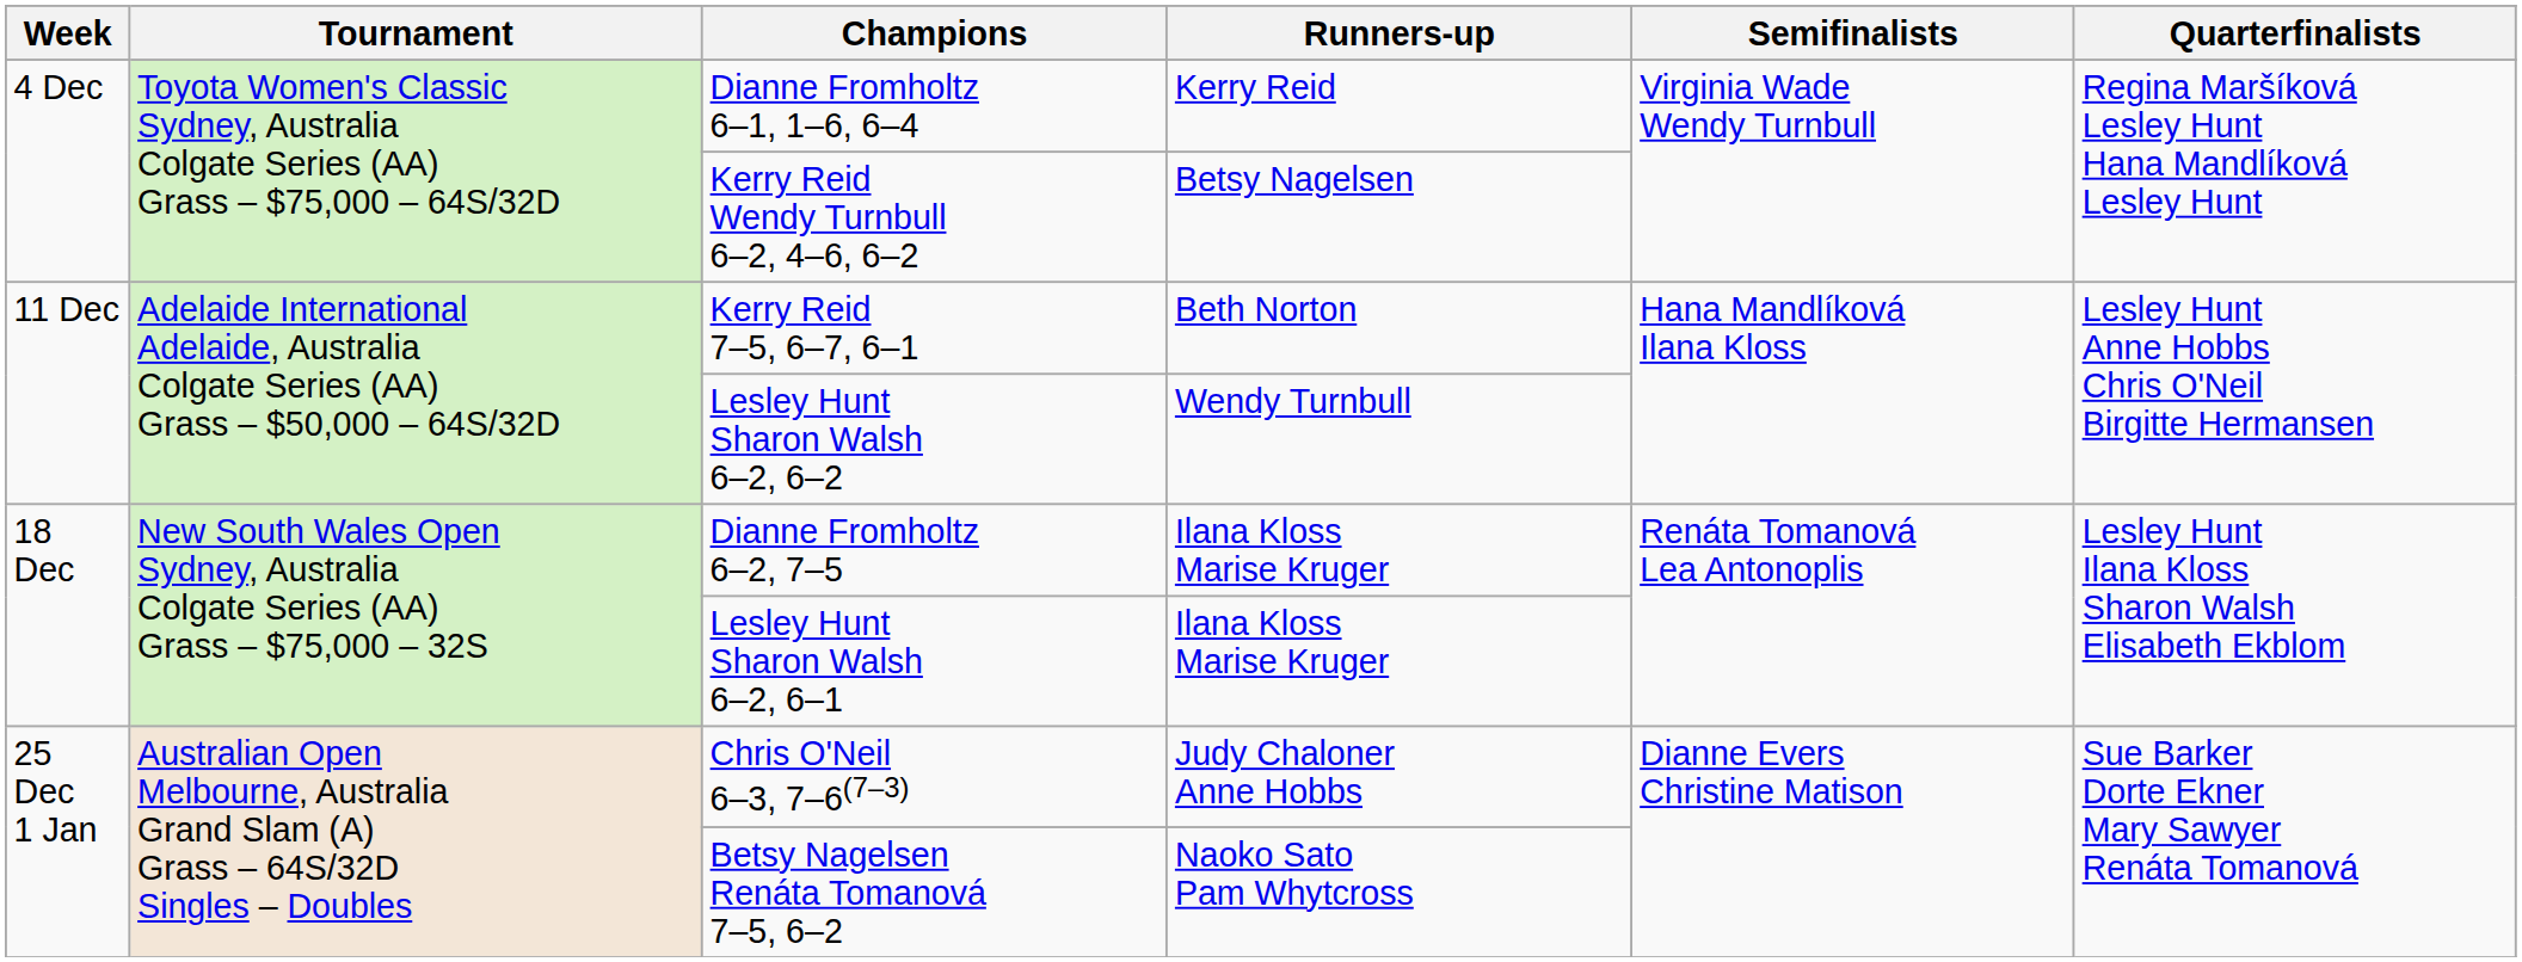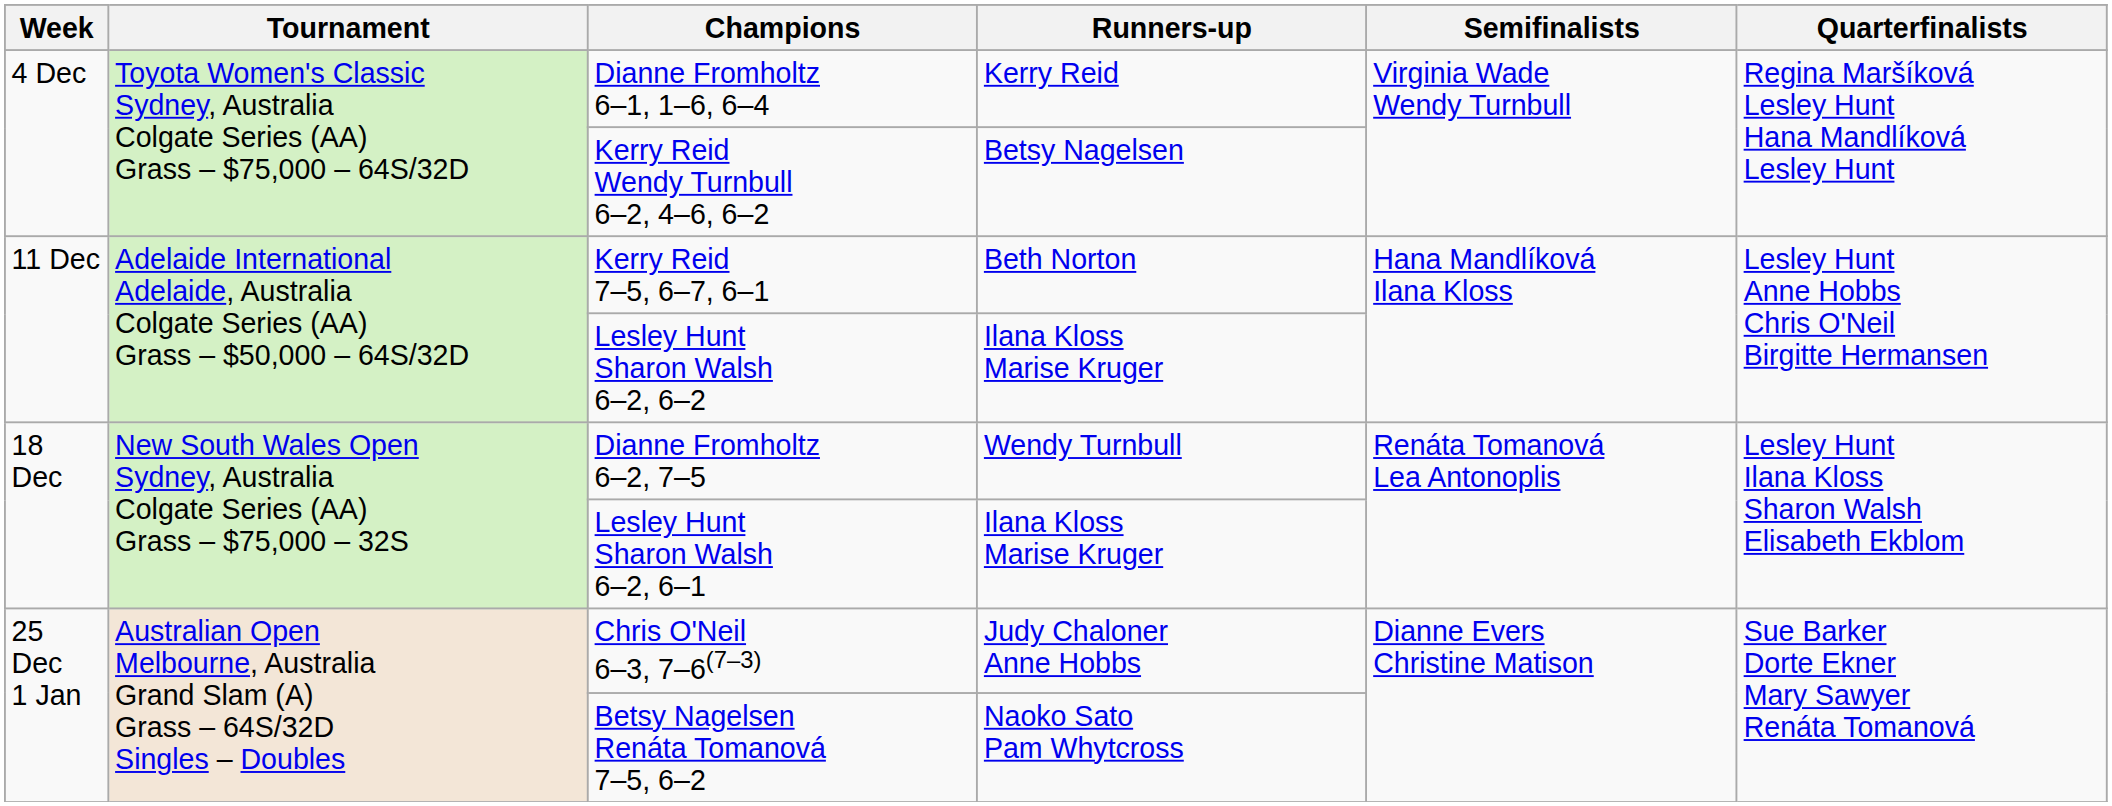 <table class=wikitable style=font-size:95%>
 <tr>
 <th style="width:48px;">Week</th>
 <th style="width:248px;">Tournament</th>
 <th style="width:200px;">Champions</th>
 <th style="width:200px;">Runners-up</th>
 <th style="width:190px;">Semifinalists</th>
 <th style="width:190px;">Quarterfinalists</th>
 </tr>
 <tr valign=top>
 <td rowspan=2>4 Dec</td>
 <td style="background:#D4F1C5;" rowspan="2"><a href='#'>Toyota Women's Classic</a><br><a href='#'>Sydney</a>, Australia <br>Colgate Series (AA)<br>Grass – $75,000 – 64S/32D</td>
 <td> <a href='#'>Dianne Fromholtz</a><br> 6–1, 1–6, 6–4</td>
 <td> <a href='#'>Kerry Reid</a></td>
 <td rowspan=2> <a href='#'>Virginia Wade</a><br> <a href='#'>Wendy Turnbull</a></td>
 <td rowspan=2> <a href='#'>Regina Maršíková</a> <br>  <a href='#'>Lesley Hunt</a><br>  <a href='#'>Hana Mandlíková</a><br> <a href='#'>Lesley Hunt</a></td>
 </tr>
 <tr valign=top>
 <td> <a href='#'>Kerry Reid</a> <br>  <a href='#'>Wendy Turnbull</a><br>6–2, 4–6, 6–2</td>
 <td> <a href='#'>Betsy Nagelsen</a></td>
 </tr>
 <tr valign=top>
 <td rowspan=2>11 Dec</td>
 <td style="background:#D4F1C5;" rowspan="2"><a href='#'>Adelaide International</a><br><a href='#'>Adelaide</a>, Australia<br>Colgate Series (AA)<br>Grass – $50,000 – 64S/32D</td>
 <td> <a href='#'>Kerry Reid</a><br> 7–5, 6–7, 6–1</td>
 <td> <a href='#'>Beth Norton</a></td>
 <td rowspan=2> <a href='#'>Hana Mandlíková</a><br> <a href='#'>Ilana Kloss</a></td>
 <td rowspan=2> <a href='#'>Lesley Hunt</a><br> <a href='#'>Anne Hobbs</a><br> <a href='#'>Chris O'Neil</a> <br> <a href='#'>Birgitte Hermansen</a></td>
 </tr>
 <tr valign=top>
 <td> <a href='#'>Lesley Hunt</a> <br>  <a href='#'>Sharon Walsh</a><br> 6–2, 6–2</td>
-<td> <a href='#'>Wendy Turnbull</a></td>
+<td> <a href='#'>Ilana Kloss</a><br>  <a href='#'>Marise Kruger</a></td>
 </tr>
 <tr valign=top>
 <td rowspan=2>18 Dec</td>
 <td style="background:#D4F1C5;" rowspan="2"><a href='#'>New South Wales Open</a><br><a href='#'>Sydney</a>, Australia <br>Colgate Series (AA)<br>Grass – $75,000 – 32S</td>
 <td> <a href='#'>Dianne Fromholtz</a><br> 6–2, 7–5</td>
-<td> <a href='#'>Ilana Kloss</a><br>  <a href='#'>Marise Kruger</a></td>
+<td> <a href='#'>Wendy Turnbull</a></td>
 <td rowspan=2> <a href='#'>Renáta Tomanová</a><br> <a href='#'>Lea Antonoplis</a></td>
 <td rowspan=2> <a href='#'>Lesley Hunt</a><br> <a href='#'>Ilana Kloss</a><br> <a href='#'>Sharon Walsh</a> <br> <a href='#'>Elisabeth Ekblom</a></td>
 </tr>
 <tr valign=top>
 <td> <a href='#'>Lesley Hunt</a> <br>  <a href='#'>Sharon Walsh</a><br> 6–2, 6–1</td>
 <td> <a href='#'>Ilana Kloss</a><br>  <a href='#'>Marise Kruger</a></td>
 </tr>
 <tr valign=top>
 <td rowspan=2>25 Dec<br>1 Jan</td>
 <td style="background:#F3E6D7;" rowspan="2"><a href='#'>Australian Open</a><br> <a href='#'>Melbourne</a>, Australia<br>Grand Slam (A)<br>Grass – 64S/32D<br><a href='#'>Singles</a> – <a href='#'>Doubles</a></td>
 <td> <a href='#'>Chris O'Neil</a><br>6–3, 7–6<sup>(7–3)</sup></td>
 <td> <a href='#'>Judy Chaloner</a> <br>  <a href='#'>Anne Hobbs</a></td>
 <td rowspan=2> <a href='#'>Dianne Evers</a><br> <a href='#'>Christine Matison</a></td>
 <td rowspan=2> <a href='#'>Sue Barker</a><br> <a href='#'>Dorte Ekner</a><br> <a href='#'>Mary Sawyer</a><br> <a href='#'>Renáta Tomanová</a></td>
 </tr>
 <tr valign=top>
 <td> <a href='#'>Betsy Nagelsen</a> <br>  <a href='#'>Renáta Tomanová</a><br> 7–5, 6–2</td>
 <td> <a href='#'>Naoko Sato</a><br>  <a href='#'>Pam Whytcross</a></td>
 </tr>
 </table>
